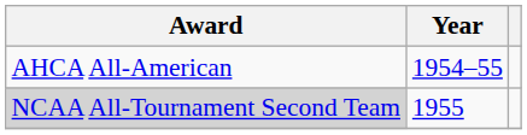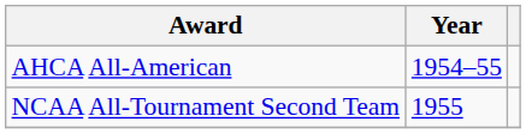 <table class="wikitable">
 <tr>
 <th>Award</th>
 <th>Year</th>
 <th></th>
 </tr>
 <tr>
 <td><a href='#'>AHCA</a> <a href='#'>All-American</a></td>
 <td><a href='#'>1954–55</a></td>
 <td></td>
 </tr>
 <tr>
-<td style="background: lightgrey;"><a href='#'>NCAA</a> <a href='#'>All-Tournament Second Team</a></td>
+<td><a href='#'>NCAA</a> <a href='#'>All-Tournament Second Team</a></td>
 <td><a href='#'>1955</a></td>
 <td></td>
 </tr>
 <tr>
 </tr>
 </table>
